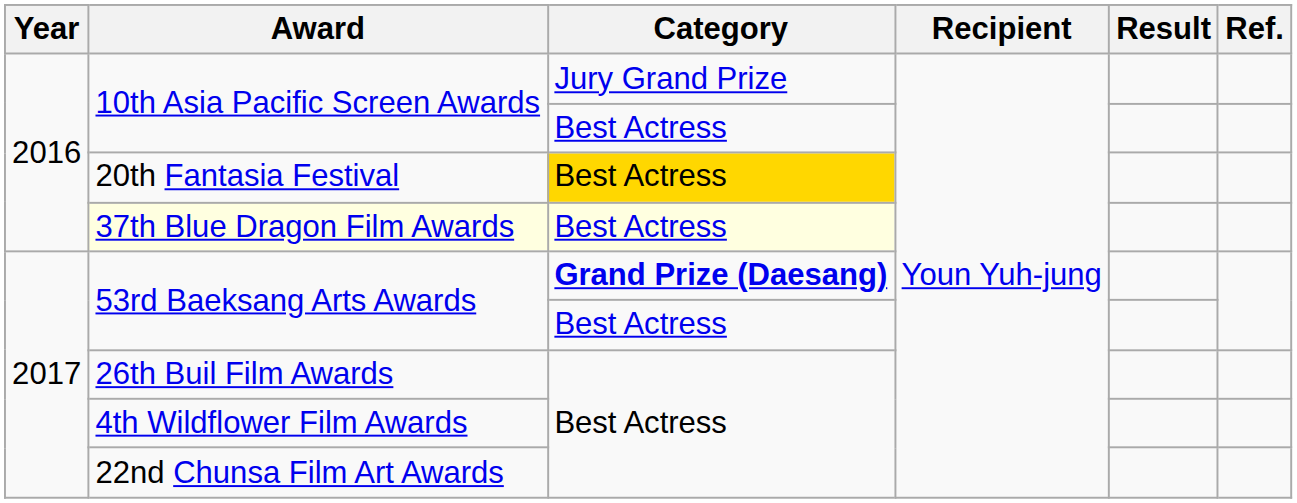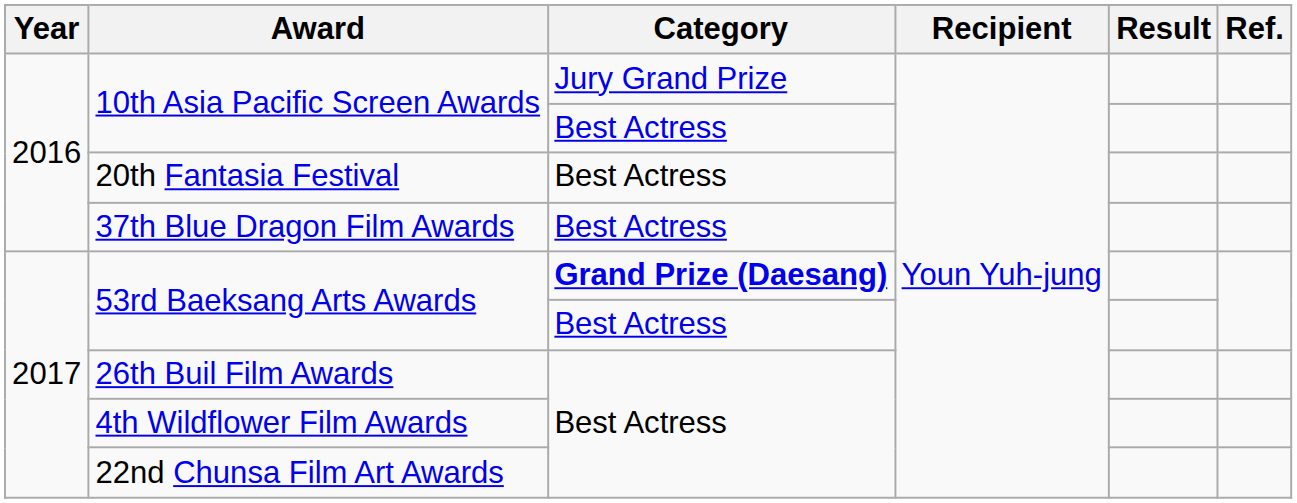 <table class="wikitable">
 <tr>
 <th>Year</th>
 <th>Award</th>
 <th>Category</th>
 <th>Recipient</th>
 <th>Result</th>
 <th>Ref.</th>
 </tr>
 <tr>
 <td rowspan="4">2016</td>
 <td rowspan="2"><a href='#'>10th Asia Pacific Screen Awards</a></td>
 <td><a href='#'>Jury Grand Prize</a></td>
 <td rowspan="11"><a href='#'>Youn Yuh-jung</a></td>
 <td></td>
 <td></td>
 </tr>
 <tr>
 <td><a href='#'>Best Actress</a></td>
 <td></td>
 <td></td>
 </tr>
 <tr>
 <td>20th <a href='#'>Fantasia Festival</a></td>
-<td style="background: gold;">Best Actress</td>
+<td>Best Actress</td>
 <td></td>
 <td></td>
 </tr>
 <tr>
-<td style="background: lightyellow;"><a href='#'>37th Blue Dragon Film Awards</a></td>
-<td style="background: lightyellow;"><a href='#'>Best Actress</a></td>
+<td><a href='#'>37th Blue Dragon Film Awards</a></td>
+<td><a href='#'>Best Actress</a></td>
 <td></td>
 <td></td>
 </tr>
 <tr>
 <td rowspan="5">2017</td>
 <td rowspan="2"><a href='#'>53rd Baeksang Arts Awards</a></td>
 <td><a href='#'><strong>Grand Prize (Daesang)</strong></a></td>
 <td></td>
 <td rowspan="2"></td>
 </tr>
 <tr>
 <td><a href='#'>Best Actress</a></td>
 <td></td>
 </tr>
 <tr>
 <td><a href='#'>26th Buil Film Awards</a></td>
 <td rowspan="3">Best Actress</td>
 <td></td>
 <td></td>
 </tr>
 <tr>
 <td><a href='#'>4th Wildflower Film Awards</a></td>
 <td></td>
 <td></td>
 </tr>
 <tr>
 <td>22nd <a href='#'>Chunsa Film Art Awards</a></td>
 <td></td>
 <td></td>
 </tr>
 </table>
